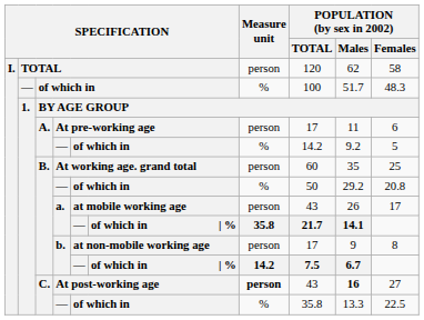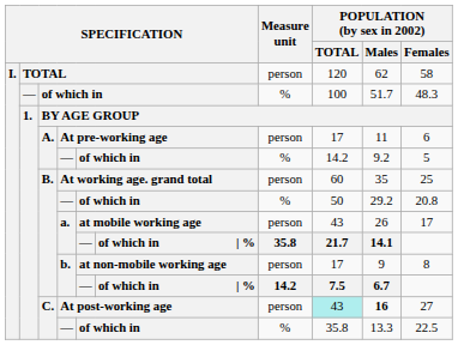 <table class="wikitable" style="font-size:85%; text-align:center">
 <tr>
 <th rowspan="2" colspan="6">SPECIFICATION</th>
 <th rowspan="2">Measure<br> unit</th>
 <th colspan="3" rowspan="1">POPULATION<br> (by sex in 2002)</th>
 </tr>
 <tr>
 <th>TOTAL</th>
 <th>Males</th>
 <th>Females</th>
 </tr>
 <tr>
 <th style="text-align:left" valign="top" rowspan="13">I.</th>
 <th style="text-align:left" colspan="5">TOTAL</th>
 <td>person</td>
 <td>120</td>
 <td>62</td>
 <td>58</td>
 </tr>
 <tr>
 <th style="text-align:left" valign="top">—</th>
 <th style="text-align:left" colspan="4">of which in</th>
 <td>%</td>
 <td>100</td>
 <td>51.7</td>
 <td>48.3</td>
 </tr>
 <tr>
 <th style="text-align:left" valign="top" rowspan="11">1.</th>
 <th style="text-align:left" colspan="19">BY AGE GROUP</th>
 </tr>
 <tr>
 <th style="text-align:left" valign="top" rowspan="2">A.</th>
 <th style="text-align:left" colspan="3">At pre-working age</th>
 <td>person</td>
 <td>17</td>
 <td>11</td>
 <td>6</td>
 </tr>
 <tr>
 <th style="text-align:left" valign="top">—</th>
 <th style="text-align:left" valign="top" colspan="2">of which in</th>
 <td>%</td>
 <td>14.2</td>
 <td>9.2</td>
 <td>5</td>
 </tr>
 <tr>
 <th style="text-align:left" valign="top" rowspan="6">B.</th>
 <th style="text-align:left" colspan="3">At working age. grand total</th>
 <td>person</td>
 <td>60</td>
 <td>35</td>
 <td>25</td>
 </tr>
 <tr>
 <th style="text-align:left" valign="top">—</th>
 <th style="text-align:left" valign="top" colspan="2">of which in</th>
 <td>%</td>
 <td>50</td>
 <td>29.2</td>
 <td>20.8</td>
 </tr>
 <tr>
 <th style="text-align:left" valign="top" rowspan="2">a.</th>
 <th style="text-align:left" colspan="2">at mobile working age</th>
 <td>person</td>
 <td>43</td>
 <td>26</td>
 <td>17</td>
 </tr>
 <tr>
 <th style="text-align:left" valign="top">—</th>
 <th style="text-align:left" valign="top" colspan="1">of which in                        | %</th>
 <th>35.8</th>
 <th>21.7</th>
 <th>14.1</th>
 </tr>
 <tr>
 <th style="text-align:left" valign="top" rowspan="2">b.</th>
 <th style="text-align:left" colspan="2">at non-mobile working age</th>
 <td>person</td>
 <td>17</td>
 <td>9</td>
 <td>8</td>
 </tr>
 <tr>
 <th style="text-align:left" valign="top">—</th>
 <th style="text-align:left" valign="top" colspan="1">of which in                        | %</th>
 <th>14.2</th>
 <th>7.5</th>
 <th>6.7</th>
 </tr>
 <tr>
 <th style="text-align:left" valign="top" rowspan="2">C.</th>
 <th style="text-align:left" colspan="3">At post-working age</th>
-<td><strong>person</strong></td>
-<td>43</td>
+<td>person</td>
+<td style="background: paleturquoise;">43</td>
 <td><strong>16</strong></td>
 <td>27</td>
 </tr>
 <tr>
 <th style="text-align:left" valign="top">—</th>
 <th style="text-align:left" valign="top" colspan="2">of which in</th>
 <td>%</td>
 <td>35.8</td>
 <td>13.3</td>
 <td>22.5</td>
 </tr>
 </table>
